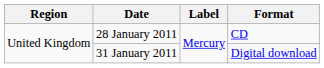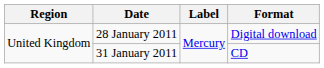 <table class="wikitable">
 <tr>
 <th>Region</th>
 <th>Date</th>
 <th>Label</th>
 <th>Format</th>
 </tr>
 <tr>
 <td rowspan="2">United Kingdom</td>
 <td>28 January 2011</td>
 <td rowspan="2"><a href='#'>Mercury</a></td>
-<td><a href='#'>CD</a></td>
+<td><a href='#'>Digital download</a></td>
 </tr>
 <tr>
 <td>31 January 2011</td>
-<td><a href='#'>Digital download</a></td>
+<td><a href='#'>CD</a></td>
 </tr>
 </table>
